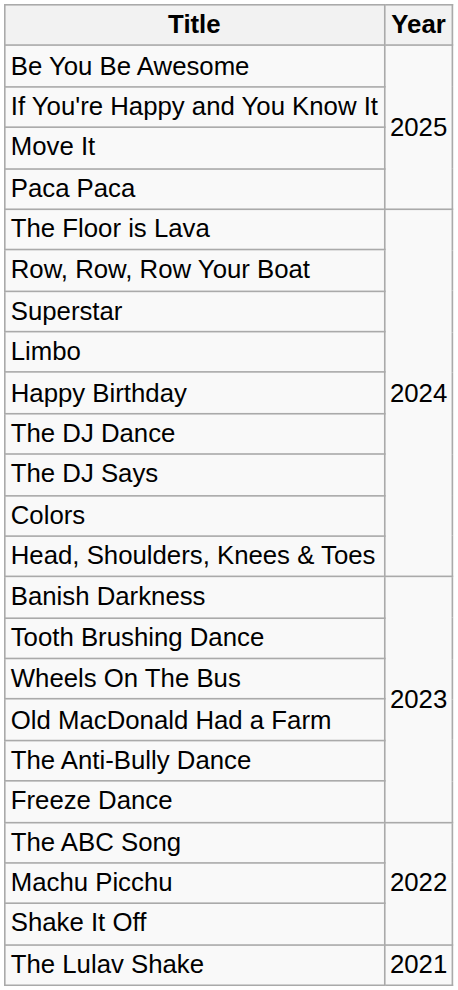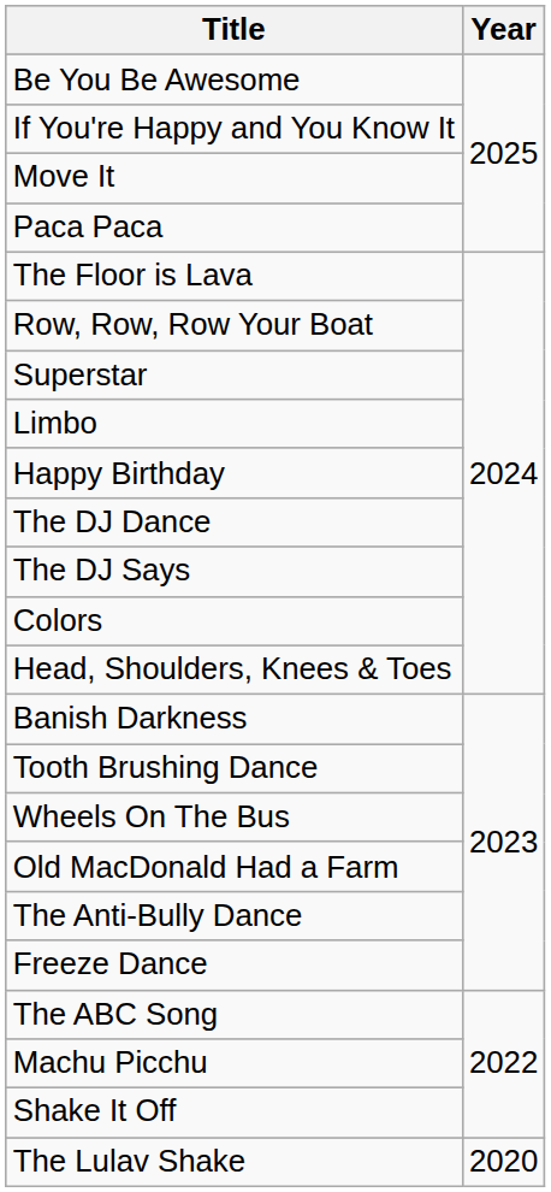 <table class="wikitable">
 <tr>
 <th>Title</th>
 <th>Year</th>
 </tr>
 <tr>
 <td>Be You Be Awesome</td>
 <td rowspan="4">2025</td>
 </tr>
 <tr>
 <td>If You're Happy and You Know It</td>
 </tr>
 <tr>
 <td>Move It</td>
 </tr>
 <tr>
 <td>Paca Paca</td>
 </tr>
 <tr>
 <td>The Floor is Lava</td>
 <td rowspan="9">2024</td>
 </tr>
 <tr>
 <td>Row, Row, Row Your Boat</td>
 </tr>
 <tr>
 <td>Superstar</td>
 </tr>
 <tr>
 <td>Limbo</td>
 </tr>
 <tr>
 <td>Happy Birthday</td>
 </tr>
 <tr>
 <td>The DJ Dance</td>
 </tr>
 <tr>
 <td>The DJ Says</td>
 </tr>
 <tr>
 <td>Colors</td>
 </tr>
 <tr>
 <td>Head, Shoulders, Knees & Toes</td>
 </tr>
 <tr>
 <td>Banish Darkness</td>
 <td rowspan="6">2023</td>
 </tr>
 <tr>
 <td>Tooth Brushing Dance</td>
 </tr>
 <tr>
 <td>Wheels On The Bus</td>
 </tr>
 <tr>
 <td>Old MacDonald Had a Farm</td>
 </tr>
 <tr>
 <td>The Anti-Bully Dance</td>
 </tr>
 <tr>
 <td>Freeze Dance</td>
 </tr>
 <tr>
 <td>The ABC Song</td>
 <td rowspan="3">2022</td>
 </tr>
 <tr>
 <td>Machu Picchu</td>
 </tr>
 <tr>
 <td>Shake It Off</td>
 </tr>
 <tr>
 <td>The Lulav Shake</td>
-<td>2021</td>
+<td>2020</td>
 </tr>
 </table>
